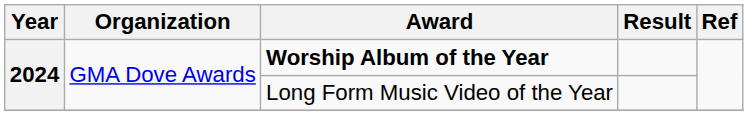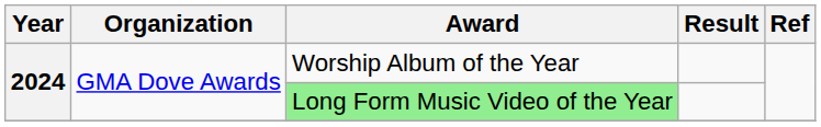 <table class="wikitable plainrowheaders">
 <tr>
 <th>Year</th>
 <th>Organization</th>
 <th>Award</th>
 <th>Result</th>
 <th style="text-align:center">Ref</th>
 </tr>
 <tr>
 <th scope="row" rowspan="2">2024</th>
 <td rowspan="2"><a href='#'>GMA Dove Awards</a></td>
-<td><strong>Worship Album of the Year</strong></td>
+<td>Worship Album of the Year</td>
 <td></td>
 <td rowspan="2"></td>
 </tr>
 <tr>
-<td>Long Form Music Video of the Year</td>
+<td style="background: lightgreen;">Long Form Music Video of the Year</td>
 <td></td>
 </tr>
 <tr>
 </tr>
 </table>
